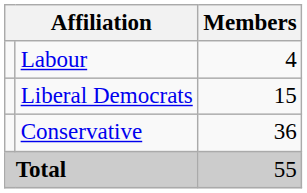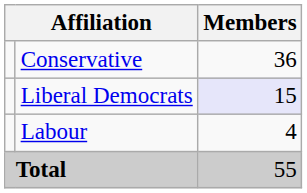 <table class="wikitable">
 <tr>
 <th colspan="2">Affiliation</th>
 <th>Members</th>
 </tr>
 <tr>
 <td style="color:inherit;background:"></td>
-<td><a href='#'>Labour</a></td>
-<td align="right">4</td>
+<td><a href='#'>Conservative</a></td>
+<td align="right">36</td>
 </tr>
 <tr>
 <td style="color:inherit;background:"></td>
 <td><a href='#'>Liberal Democrats</a></td>
-<td align="right">15</td>
+<td align="right" style="background: lavender;">15</td>
 </tr>
 <tr>
 <td style="color:inherit;background:"></td>
-<td><a href='#'>Conservative</a></td>
-<td align="right">36</td>
+<td><a href='#'>Labour</a></td>
+<td align="right">4</td>
 </tr>
 <tr bgcolor="CCCCCC">
 <td colspan="2" rowspan="1"> <strong>Total</strong></td>
 <td align="right">55</td>
 </tr>
 <tr>
 </tr>
 </table>
